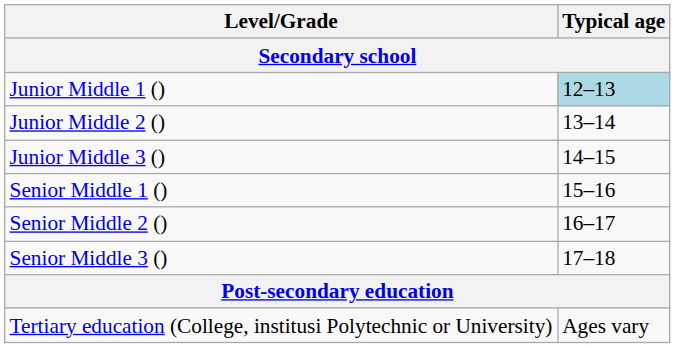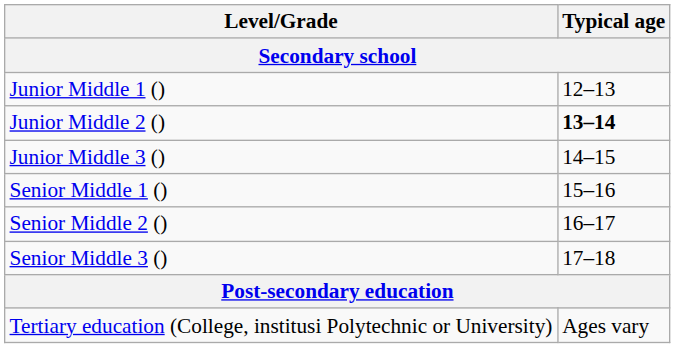 <table class="wikitable">
 <tr>
 <th>Level/Grade</th>
 <th>Typical age</th>
 </tr>
 <tr>
 <th colspan="2"><a href='#'>Secondary school</a></th>
 </tr>
 <tr>
 <td><a href='#'>Junior Middle 1</a> ()</td>
-<td style="background: lightblue;">12–13</td>
+<td>12–13</td>
 </tr>
 <tr>
 <td><a href='#'>Junior Middle 2</a> ()</td>
-<td>13–14</td>
+<td><strong>13–14</strong></td>
 </tr>
 <tr>
 <td><a href='#'>Junior Middle 3</a> ()</td>
 <td>14–15</td>
 </tr>
 <tr>
 <td><a href='#'>Senior Middle 1</a> ()</td>
 <td>15–16</td>
 </tr>
 <tr>
 <td><a href='#'>Senior Middle 2</a> ()</td>
 <td>16–17</td>
 </tr>
 <tr>
 <td><a href='#'>Senior Middle 3</a> ()</td>
 <td>17–18</td>
 </tr>
 <tr>
 <th colspan="2"><a href='#'>Post-secondary education</a></th>
 </tr>
 <tr>
 <td><a href='#'>Tertiary education</a> (College, institusi Polytechnic or University)</td>
 <td>Ages vary</td>
 </tr>
 </table>
